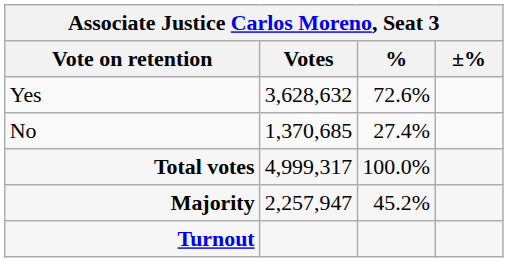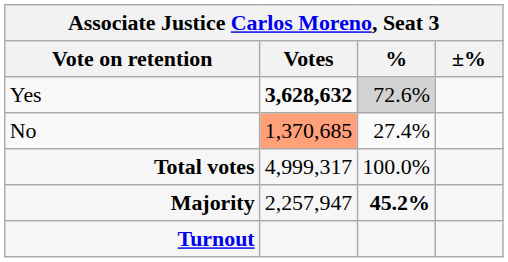 <table class="wikitable" style="font-size: 95%; clear:both">
 <tr>
 <th colspan=7>Associate Justice <a href='#'>Carlos Moreno</a>, Seat 3</th>
 </tr>
 <tr>
 <th style="width: 170px">Vote on retention</th>
 <th style="width: 50px">Votes</th>
 <th style="width: 40px">%</th>
 <th style="width: 40px">±%</th>
 </tr>
 <tr>
 <td>Yes</td>
-<td style="text-align:right;">3,628,632</td>
-<td style="text-align:right;">72.6%</td>
+<td style="text-align:right;"><strong>3,628,632</strong></td>
+<td style="background: lightgrey; text-align:right;">72.6%</td>
 <td></td>
 </tr>
 <tr>
 <td>No</td>
-<td style="text-align:right;">1,370,685</td>
+<td style="background: lightsalmon; text-align:right;">1,370,685</td>
 <td style="text-align:right;">27.4%</td>
 <td></td>
 </tr>
 <tr style="background-color:#F6F6F6">
 <td colspan="1" align="right"><strong>Total votes</strong></td>
 <td style="text-align:right;">4,999,317</td>
 <td style="text-align:right;">100.0%</td>
 <td style="text-align:right;"></td>
 </tr>
 <tr style="background-color:#F6F6F6">
 <td colspan="1" style="text-align: right; margin-right: 0.5em"><strong>Majority</strong></td>
 <td style="text-align: right; margin-right: 0.5em">2,257,947</td>
-<td style="text-align: right; margin-right: 0.5em">45.2%</td>
+<td style="text-align: right; margin-right: 0.5em"><strong>45.2%</strong></td>
 <td style="text-align: right; margin-right: 0.5em"></td>
 </tr>
 <tr style="background-color:#F6F6F6">
 <td colspan="1" style="text-align: right; margin-right: 0.5em"><strong><a href='#'>Turnout</a></strong></td>
 <td style="text-align: right; margin-right: 0.5em"></td>
 <td style="text-align: right; margin-right: 0.5em"></td>
 <td style="text-align: right; margin-right: 0.5em"></td>
 </tr>
 </table>
